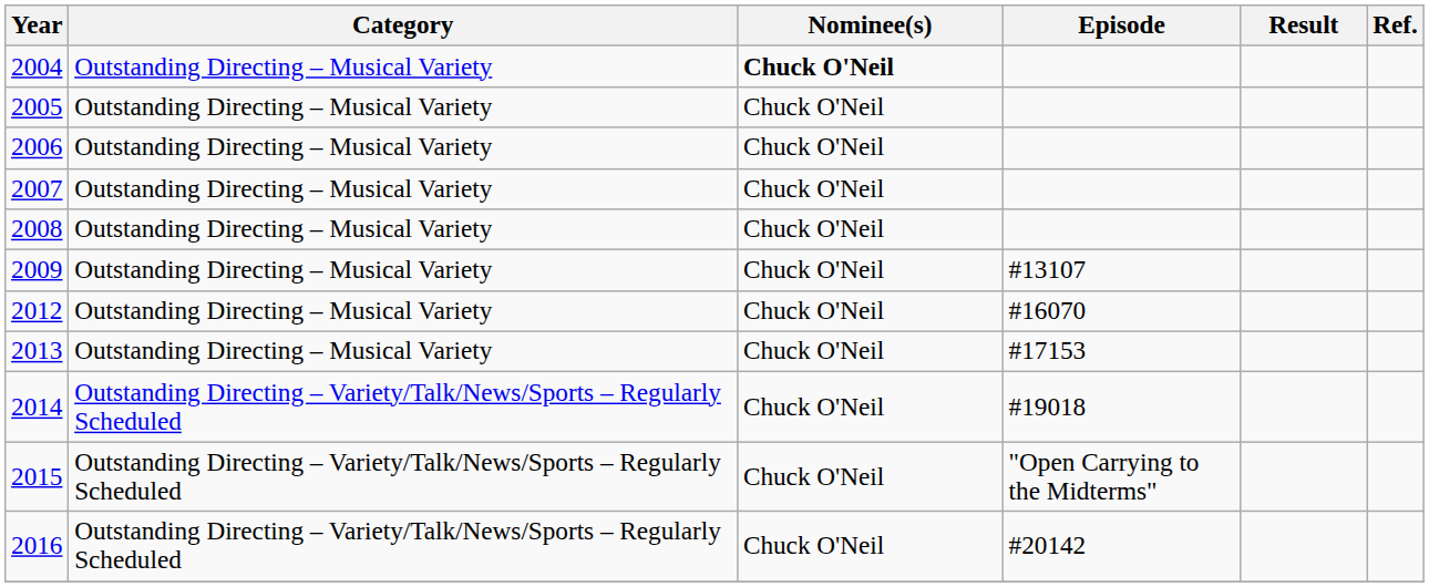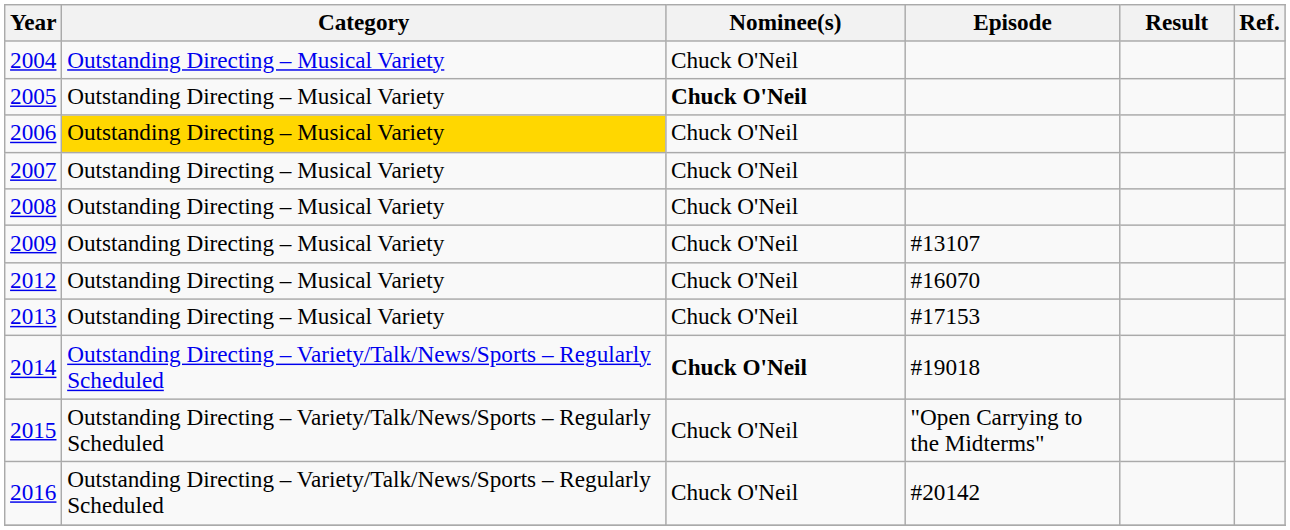 <table class="wikitable plainrowheaders" width=100%>
 <tr>
 <th scope="col" width="4%">Year</th>
 <th scope="col" width="48%">Category</th>
 <th scope="col" width="19%">Nominee(s)</th>
 <th scope="col" width="17%">Episode</th>
 <th scope="col" width="9%">Result</th>
 <th scope="col" width="3%">Ref.</th>
 </tr>
 <tr>
 <td><a href='#'>2004</a></td>
 <td><a href='#'>Outstanding Directing – Musical Variety</a></td>
-<td><strong>Chuck O'Neil</strong></td>
+<td>Chuck O'Neil</td>
 <td></td>
 <td></td>
 <td></td>
 </tr>
 <tr>
 <td><a href='#'>2005</a></td>
 <td>Outstanding Directing – Musical Variety</td>
-<td>Chuck O'Neil</td>
+<td><strong>Chuck O'Neil</strong></td>
 <td></td>
 <td></td>
 <td></td>
 </tr>
 <tr>
 <td><a href='#'>2006</a></td>
-<td>Outstanding Directing – Musical Variety</td>
+<td style="background: gold;">Outstanding Directing – Musical Variety</td>
 <td>Chuck O'Neil</td>
 <td></td>
 <td></td>
 <td></td>
 </tr>
 <tr>
 <td><a href='#'>2007</a></td>
 <td>Outstanding Directing – Musical Variety</td>
 <td>Chuck O'Neil</td>
 <td></td>
 <td></td>
 <td></td>
 </tr>
 <tr>
 <td><a href='#'>2008</a></td>
 <td>Outstanding Directing – Musical Variety</td>
 <td>Chuck O'Neil</td>
 <td></td>
 <td></td>
 <td></td>
 </tr>
 <tr>
 <td><a href='#'>2009</a></td>
 <td>Outstanding Directing – Musical Variety</td>
 <td>Chuck O'Neil</td>
 <td>#13107</td>
 <td></td>
 <td></td>
 </tr>
 <tr>
 <td><a href='#'>2012</a></td>
 <td>Outstanding Directing – Musical Variety</td>
 <td>Chuck O'Neil</td>
 <td>#16070</td>
 <td></td>
 <td></td>
 </tr>
 <tr>
 <td><a href='#'>2013</a></td>
 <td>Outstanding Directing – Musical Variety</td>
 <td>Chuck O'Neil</td>
 <td>#17153</td>
 <td></td>
 <td></td>
 </tr>
 <tr>
 <td><a href='#'>2014</a></td>
 <td><a href='#'>Outstanding Directing – Variety/Talk/News/Sports – Regularly Scheduled</a></td>
-<td>Chuck O'Neil</td>
+<td><strong>Chuck O'Neil</strong></td>
 <td>#19018</td>
 <td></td>
 <td></td>
 </tr>
 <tr>
 <td><a href='#'>2015</a></td>
 <td>Outstanding Directing – Variety/Talk/News/Sports – Regularly Scheduled</td>
 <td>Chuck O'Neil</td>
 <td>"Open Carrying to the Midterms"</td>
 <td></td>
 <td></td>
 </tr>
 <tr>
 <td><a href='#'>2016</a></td>
 <td>Outstanding Directing – Variety/Talk/News/Sports – Regularly Scheduled</td>
 <td>Chuck O'Neil</td>
 <td>#20142</td>
 <td></td>
 <td></td>
 </tr>
 <tr>
 </tr>
 </table>
